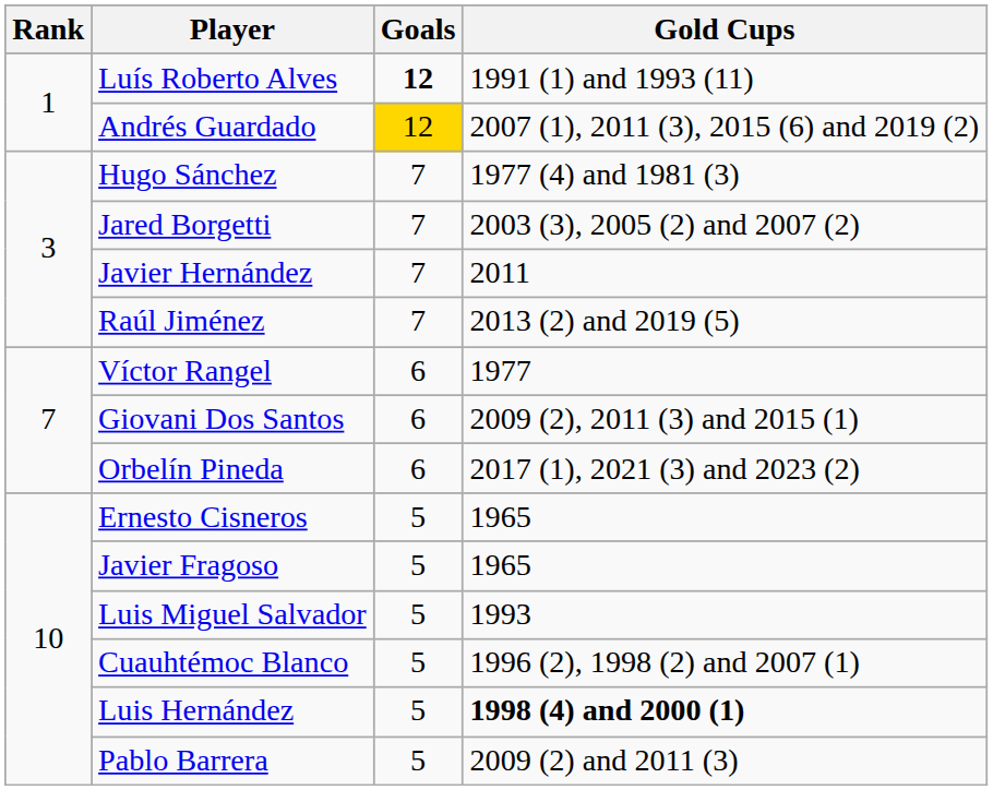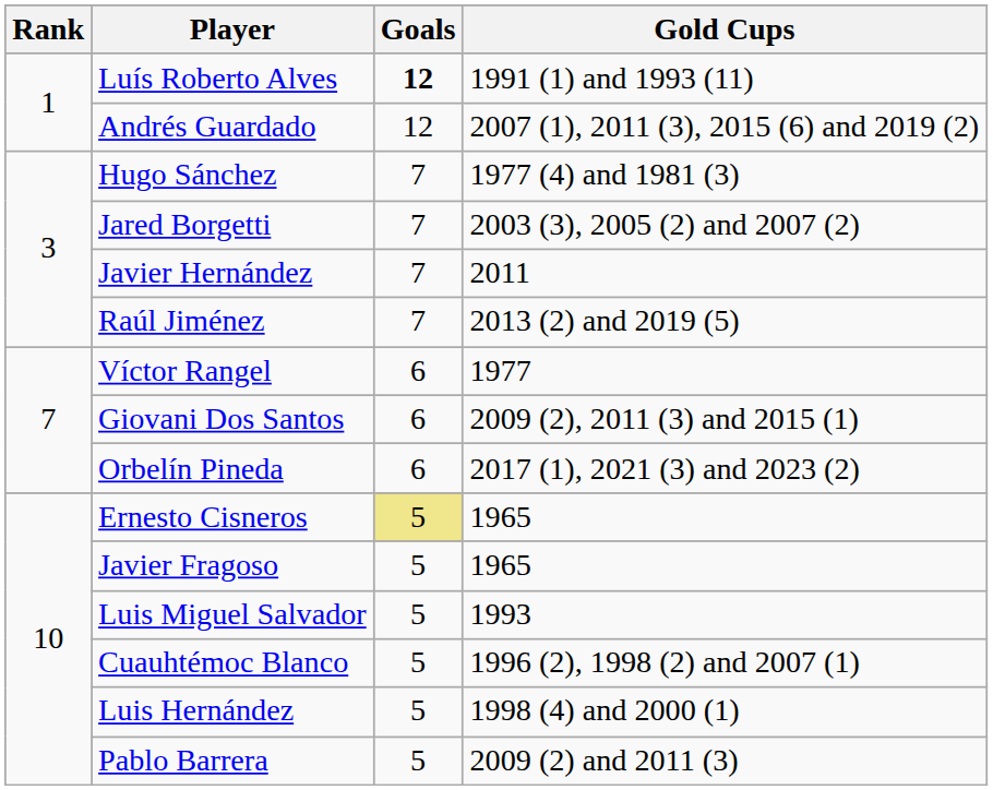 <table class="wikitable" style="text-align: left;">
 <tr>
 <th>Rank</th>
 <th>Player</th>
 <th>Goals</th>
 <th>Gold Cups</th>
 </tr>
 <tr>
 <td rowspan=2 align=center>1</td>
 <td><a href='#'>Luís Roberto Alves</a></td>
 <td align=center><strong>12</strong></td>
 <td>1991 (1) and 1993 (11)</td>
 </tr>
 <tr>
 <td><a href='#'>Andrés Guardado</a></td>
-<td align=center style="background: gold;">12</td>
+<td align=center>12</td>
 <td>2007 (1), 2011 (3), 2015 (6) and 2019 (2)</td>
 </tr>
 <tr>
 <td rowspan=4 align=center>3</td>
 <td><a href='#'>Hugo Sánchez</a></td>
 <td align=center>7</td>
 <td>1977 (4) and 1981 (3)</td>
 </tr>
 <tr>
 <td><a href='#'>Jared Borgetti</a></td>
 <td align=center>7</td>
 <td>2003 (3), 2005 (2) and 2007 (2)</td>
 </tr>
 <tr>
 <td><a href='#'>Javier Hernández</a></td>
 <td align=center>7</td>
 <td>2011</td>
 </tr>
 <tr>
 <td><a href='#'>Raúl Jiménez</a></td>
 <td align=center>7</td>
 <td>2013 (2) and 2019 (5)</td>
 </tr>
 <tr>
 <td rowspan=3 align=center>7</td>
 <td><a href='#'>Víctor Rangel</a></td>
 <td align=center>6</td>
 <td>1977</td>
 </tr>
 <tr>
 <td><a href='#'>Giovani Dos Santos</a></td>
 <td align=center>6</td>
 <td>2009 (2), 2011 (3) and 2015 (1)</td>
 </tr>
 <tr>
 <td><a href='#'>Orbelín Pineda</a></td>
 <td align=center>6</td>
 <td>2017 (1), 2021 (3) and 2023 (2)</td>
 </tr>
 <tr>
 <td rowspan=6 align=center>10</td>
 <td><a href='#'>Ernesto Cisneros</a></td>
-<td align=center>5</td>
+<td align=center style="background: khaki;">5</td>
 <td>1965</td>
 </tr>
 <tr>
 <td><a href='#'>Javier Fragoso</a></td>
 <td align=center>5</td>
 <td>1965</td>
 </tr>
 <tr>
 <td><a href='#'>Luis Miguel Salvador</a></td>
 <td align=center>5</td>
 <td>1993</td>
 </tr>
 <tr>
 <td><a href='#'>Cuauhtémoc Blanco</a></td>
 <td align=center>5</td>
 <td>1996 (2), 1998 (2) and 2007 (1)</td>
 </tr>
 <tr>
 <td><a href='#'>Luis Hernández</a></td>
 <td align=center>5</td>
-<td><strong>1998 (4) and 2000 (1)</strong></td>
+<td>1998 (4) and 2000 (1)</td>
 </tr>
 <tr>
 <td><a href='#'>Pablo Barrera</a></td>
 <td align=center>5</td>
 <td>2009 (2) and 2011 (3)</td>
 </tr>
 </table>
